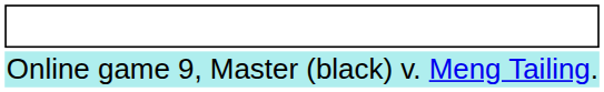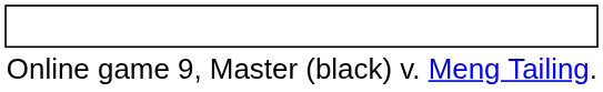 <table style="display:inline; display:inline-table;">
 <tr>
 <td style="border: solid thin; padding: 2px;"><br></td>
 </tr>
 <tr>
-<td style="background: paleturquoise; text-align:center">Online game 9, Master (black) v. <a href='#'>Meng Tailing</a>.</td>
+<td style="text-align:center">Online game 9, Master (black) v. <a href='#'>Meng Tailing</a>.</td>
 </tr>
 </table>
